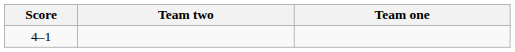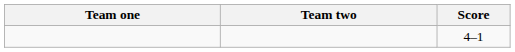 <table class="wikitable" style="text-align: center">
 <tr>
+<th width=250>Team one</th>
+<th width=250>Team two</th>
 <th width=80>Score</th>
-<th width=250>Team two</th>
-<th width=250>Team one</th>
 </tr>
 <tr>
-<td>4–1</td>
 <td></td>
 <td></td>
+<td>4–1</td>
 </tr>
 </table>
